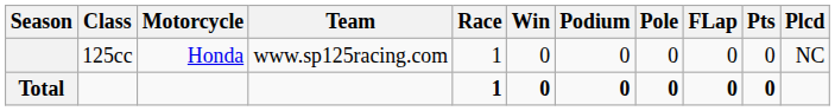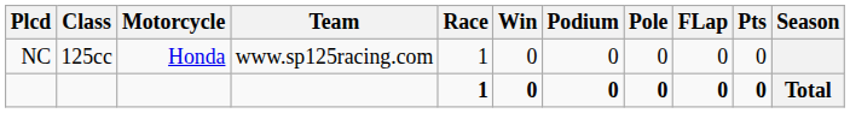 <table class="wikitable">
 <tr>
-<th>Season</th>
+<th>Plcd</th>
 <th>Class</th>
 <th>Motorcycle</th>
 <th>Team</th>
 <th>Race</th>
 <th>Win</th>
 <th>Podium</th>
 <th>Pole</th>
 <th>FLap</th>
 <th>Pts</th>
-<th>Plcd</th>
+<th>Season</th>
 </tr>
 <tr align="right">
-<th></th>
+<td>NC</td>
 <td>125cc</td>
 <td><a href='#'>Honda</a></td>
 <td>www.sp125racing.com</td>
 <td>1</td>
 <td>0</td>
 <td>0</td>
 <td>0</td>
 <td>0</td>
 <td>0</td>
-<td>NC</td>
+<th></th>
 </tr>
 <tr align="right">
-<th>Total</th>
+<td></td>
 <td></td>
 <td></td>
 <td></td>
 <td><strong>1</strong></td>
 <td><strong>0</strong></td>
 <td><strong>0</strong></td>
 <td><strong>0</strong></td>
 <td><strong>0</strong></td>
 <td><strong>0</strong></td>
-<td></td>
+<th>Total</th>
 </tr>
 </table>
